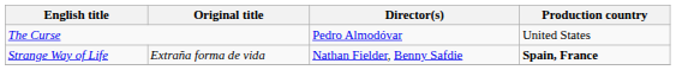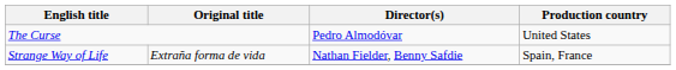 <table class="wikitable" style="width:95%; margin-bottom:2px">
 <tr>
 <th>English title</th>
 <th>Original title</th>
 <th>Director(s)</th>
 <th>Production country</th>
 </tr>
 <tr>
 <td colspan="2"><em><a href='#'>The Curse</a></em> </td>
 <td><a href='#'>Pedro Almodóvar</a></td>
 <td>United States</td>
 </tr>
 <tr>
 <td><em><a href='#'>Strange Way of Life</a></em></td>
 <td><em>Extraña forma de vida</em></td>
 <td><a href='#'>Nathan Fielder</a>, <a href='#'>Benny Safdie</a></td>
-<td><strong>Spain, France</strong></td>
+<td>Spain, France</td>
 </tr>
 <tr>
 </tr>
 </table>
